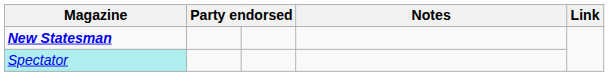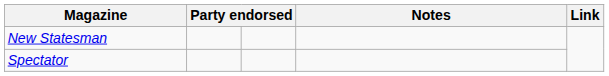 <table class="wikitable">
 <tr>
 <th style="width:200px;">Magazine</th>
 <th colspan=2>Party endorsed</th>
 <th style="width:300px;">Notes</th>
 <th style="width:35px;">Link</th>
 </tr>
 <tr>
-<td><strong><em><a href='#'>New Statesman</a></em></strong></td>
+<td><em><a href='#'>New Statesman</a></em></td>
 <td></td>
 <td></td>
 <td></td>
 </tr>
 <tr>
-<td style="background: paleturquoise; width:200px;"><em><a href='#'>Spectator</a></em></td>
+<td style="width:200px;"><em><a href='#'>Spectator</a></em></td>
 <td></td>
 <td></td>
 <td></td>
 </tr>
 </table>
